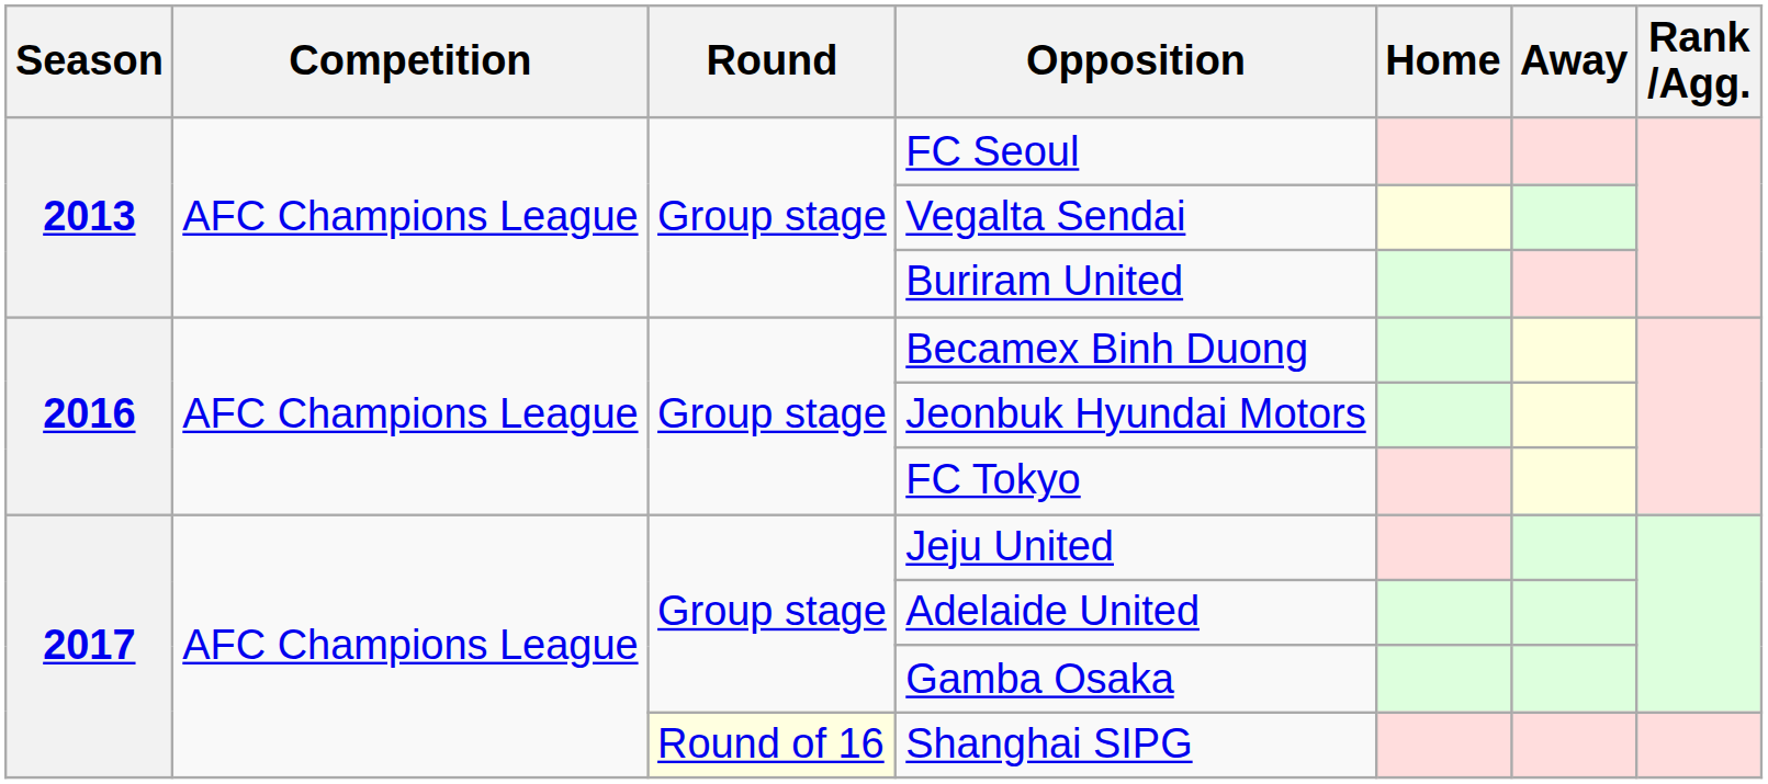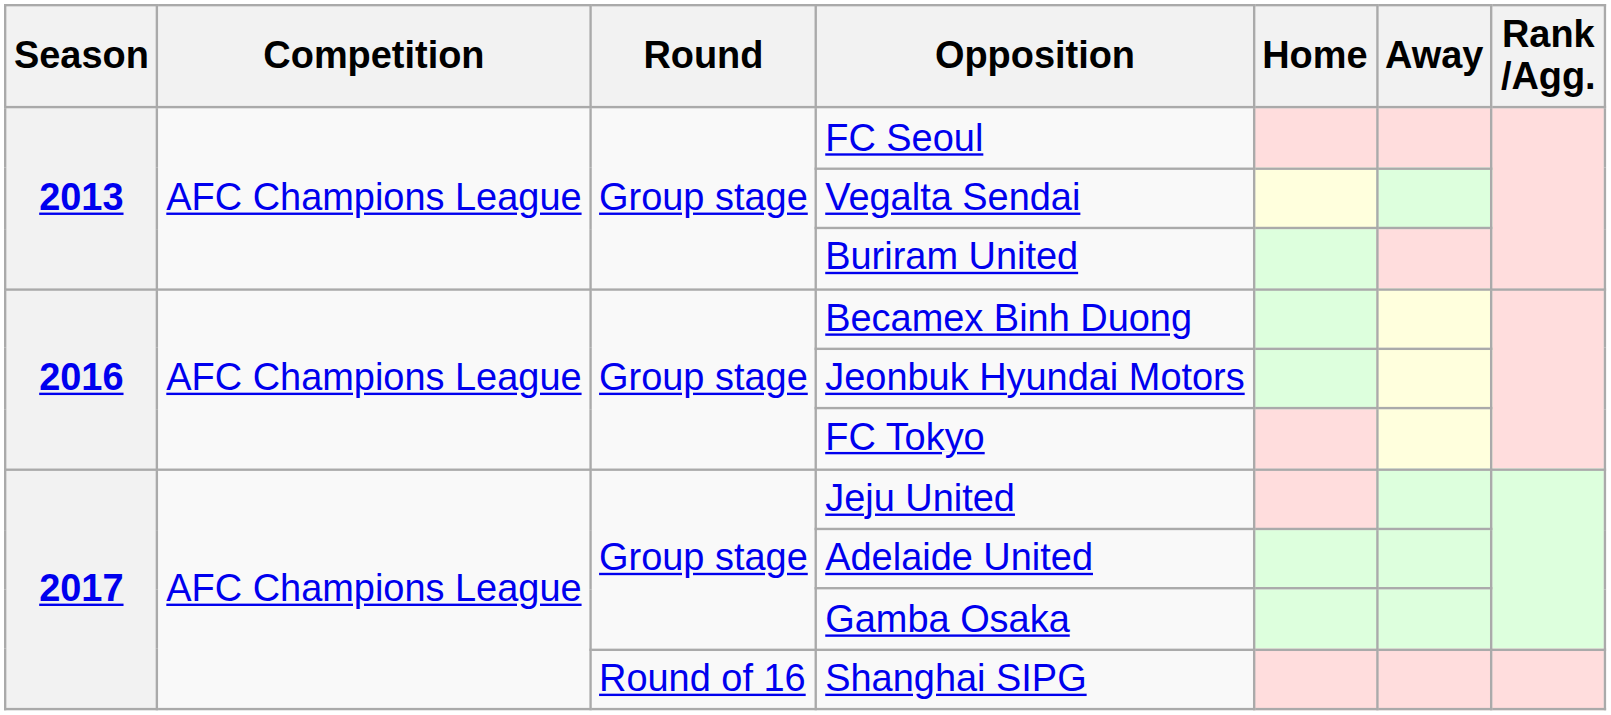 <table class="wikitable plainrowheaders">
 <tr>
 <th scope="col">Season</th>
 <th scope="col">Competition</th>
 <th scope="col">Round</th>
 <th scope="col">Opposition</th>
 <th scope="col">Home</th>
 <th scope="col">Away</th>
 <th scope="col">Rank<br>/Agg.</th>
 </tr>
 <tr>
 <th rowspan="3" scope="row" style="text-align:center"><a href='#'>2013</a></th>
 <td rowspan="3"><a href='#'>AFC Champions League</a></td>
 <td rowspan="3"><a href='#'>Group stage</a></td>
 <td> <a href='#'>FC Seoul</a></td>
 <td style="background:#fdd;"></td>
 <td style="background:#fdd;"></td>
 <td rowspan="3" style="background:#fdd;"></td>
 </tr>
 <tr>
 <td> <a href='#'>Vegalta Sendai</a></td>
 <td style="background:#ffd;"></td>
 <td style="background:#dfd;"></td>
 </tr>
 <tr>
 <td> <a href='#'>Buriram United</a></td>
 <td style="background:#dfd;"></td>
 <td style="background:#fdd;"></td>
 </tr>
 <tr>
 <th rowspan="3" scope="row" style="text-align:center"><a href='#'>2016</a></th>
 <td rowspan="3"><a href='#'>AFC Champions League</a></td>
 <td rowspan="3"><a href='#'>Group stage</a></td>
 <td> <a href='#'>Becamex Binh Duong</a></td>
 <td style="background:#dfd;"></td>
 <td style="background:#ffd;"></td>
 <td rowspan="3" style="background:#fdd;"></td>
 </tr>
 <tr>
 <td> <a href='#'>Jeonbuk Hyundai Motors</a></td>
 <td style="background:#dfd;"></td>
 <td style="background:#ffd;"></td>
 </tr>
 <tr>
 <td> <a href='#'>FC Tokyo</a></td>
 <td style="background:#fdd;"></td>
 <td style="background:#ffd;"></td>
 </tr>
 <tr>
 <th rowspan="4" scope="row" style="text-align:center"><a href='#'>2017</a></th>
 <td rowspan="4"><a href='#'>AFC Champions League</a></td>
 <td rowspan="3"><a href='#'>Group stage</a></td>
 <td> <a href='#'>Jeju United</a></td>
 <td style="background:#fdd;"></td>
 <td style="background:#dfd;"></td>
 <td rowspan="3" style="background:#dfd;"></td>
 </tr>
 <tr>
 <td> <a href='#'>Adelaide United</a></td>
 <td style="background:#dfd;"></td>
 <td style="background:#dfd;"></td>
 </tr>
 <tr>
 <td> <a href='#'>Gamba Osaka</a></td>
 <td style="background:#dfd;"></td>
 <td style="background:#dfd;"></td>
 </tr>
 <tr>
-<td style="background: lightyellow;"><a href='#'>Round of 16</a></td>
+<td><a href='#'>Round of 16</a></td>
 <td> <a href='#'>Shanghai SIPG</a></td>
 <td style="background:#fdd;"></td>
 <td style="background:#fdd;"></td>
 <td style="background:#fdd;"></td>
 </tr>
 </table>
